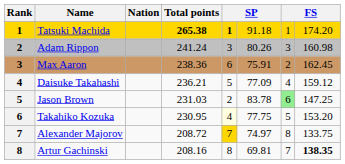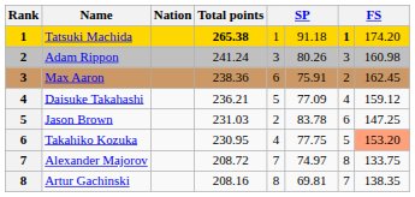 <table class="wikitable sortable">
 <tr>
 <th>Rank</th>
 <th>Name</th>
 <th>Nation</th>
 <th>Total points</th>
 <th colspan="2" style="width:80px;"><a href='#'>SP</a></th>
 <th colspan="2" style="width:80px;"><a href='#'>FS</a></th>
 </tr>
 <tr style="background:gold;">
 <td style="text-align:center;"><strong>1</strong></td>
 <td><a href='#'>Tatsuki Machida</a></td>
 <td></td>
 <td style="text-align:center;"><strong>265.38</strong></td>
+<td style="text-align:center;">1</td>
+<td style="text-align:center;">91.18</td>
 <td style="text-align:center;"><strong>1</strong></td>
-<td style="text-align:center;">91.18</td>
-<td style="text-align:center;">1</td>
 <td style="text-align:center;">174.20</td>
 </tr>
 <tr style="background:silver;">
 <td style="text-align:center;"><strong>2</strong></td>
 <td><a href='#'>Adam Rippon</a></td>
 <td></td>
 <td style="text-align:center;">241.24</td>
 <td style="text-align:center;">3</td>
 <td style="text-align:center;">80.26</td>
 <td style="text-align:center;">3</td>
 <td style="text-align:center;">160.98</td>
 </tr>
 <tr style="background:#c96;">
 <td style="text-align:center;"><strong>3</strong></td>
 <td><a href='#'>Max Aaron</a></td>
 <td></td>
 <td style="text-align:center;">238.36</td>
 <td style="text-align:center;">6</td>
 <td style="text-align:center;">75.91</td>
 <td style="text-align:center;">2</td>
 <td style="text-align:center;">162.45</td>
 </tr>
 <tr>
 <th>4</th>
 <td><a href='#'>Daisuke Takahashi</a></td>
 <td></td>
 <td style="text-align:center;">236.21</td>
 <td style="text-align:center;">5</td>
 <td style="text-align:center;">77.09</td>
 <td style="text-align:center;">4</td>
 <td style="text-align:center;">159.12</td>
 </tr>
 <tr>
 <th>5</th>
 <td><a href='#'>Jason Brown</a></td>
 <td></td>
 <td style="text-align:center;">231.03</td>
 <td style="text-align:center;">2</td>
 <td style="text-align:center;">83.78</td>
-<td style="background: lightgreen; text-align:center;">6</td>
+<td style="text-align:center;">6</td>
 <td style="text-align:center;">147.25</td>
 </tr>
 <tr>
 <th>6</th>
 <td><a href='#'>Takahiko Kozuka</a></td>
 <td></td>
 <td style="text-align:center;">230.95</td>
-<td style="background: lightyellow; text-align:center;">4</td>
+<td style="text-align:center;">4</td>
 <td style="text-align:center;">77.75</td>
 <td style="text-align:center;">5</td>
-<td style="text-align:center;">153.20</td>
+<td style="background: lightsalmon; text-align:center;">153.20</td>
 </tr>
 <tr>
 <th>7</th>
 <td><a href='#'>Alexander Majorov</a></td>
 <td></td>
 <td style="text-align:center;">208.72</td>
-<td style="background: gold; text-align:center;">7</td>
+<td style="text-align:center;">7</td>
 <td style="text-align:center;">74.97</td>
 <td style="text-align:center;">8</td>
 <td style="text-align:center;">133.75</td>
 </tr>
 <tr>
 <th>8</th>
 <td><a href='#'>Artur Gachinski</a></td>
 <td></td>
 <td style="text-align:center;">208.16</td>
 <td style="text-align:center;">8</td>
 <td style="text-align:center;">69.81</td>
 <td style="text-align:center;">7</td>
-<td style="text-align:center;"><strong>138.35</strong></td>
+<td style="text-align:center;">138.35</td>
 </tr>
 </table>
